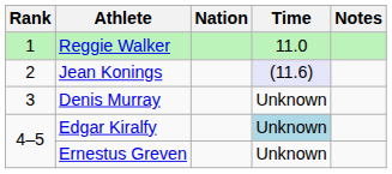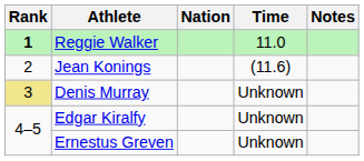 <table class="wikitable sortable" style="text-align:center">
 <tr>
 <th>Rank</th>
 <th>Athlete</th>
 <th>Nation</th>
 <th>Time</th>
 <th>Notes</th>
 </tr>
 <tr style="background:#bbf3bb;">
-<td>1</td>
+<td><strong>1</strong></td>
 <td align=left><a href='#'>Reggie Walker</a></td>
 <td align=left></td>
 <td>11.0</td>
 <td></td>
 </tr>
 <tr>
 <td>2</td>
 <td align=left><a href='#'>Jean Konings</a></td>
 <td align=left></td>
-<td style="background: lavender;">(11.6)</td>
+<td>(11.6)</td>
 <td></td>
 </tr>
 <tr>
-<td>3</td>
+<td style="background: khaki;">3</td>
 <td align=left><a href='#'>Denis Murray</a></td>
 <td align=left></td>
 <td>Unknown</td>
 <td></td>
 </tr>
 <tr>
 <td rowspan=2>4–5</td>
 <td align=left><a href='#'>Edgar Kiralfy</a></td>
 <td align=left></td>
-<td style="background: lightblue;">Unknown</td>
+<td>Unknown</td>
 <td></td>
 </tr>
 <tr>
 <td align=left><a href='#'>Ernestus Greven</a></td>
 <td align=left></td>
 <td>Unknown</td>
 <td></td>
 </tr>
 </table>
